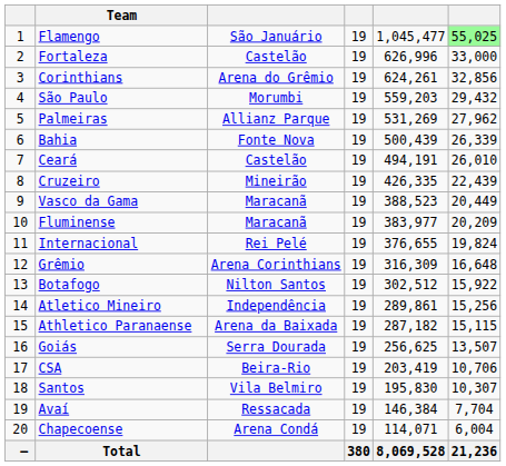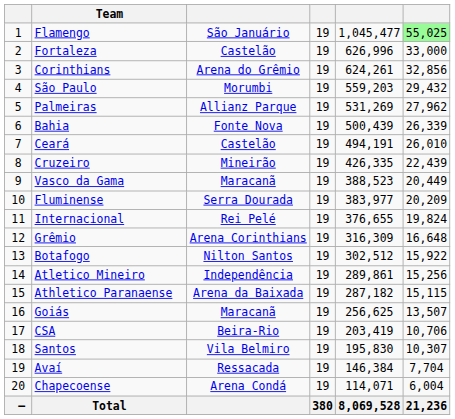 <table class="wikitable sortable">
 <tr>
 <th width=25></th>
 <th width=170>Team</th>
 <th></th>
 <th></th>
 <th width=45></th>
 <th width=45></th>
 </tr>
 <tr>
 <td align=center>1</td>
 <td><a href='#'>Flamengo</a></td>
 <td align="center"><a href='#'>São Januário</a></td>
 <td align="center">19</td>
 <td align="center">1,045,477</td>
 <td align="center" bgcolor="#98fb98">55,025</td>
 </tr>
 <tr>
 <td align="center">2</td>
 <td><a href='#'>Fortaleza</a></td>
 <td align="center"><a href='#'>Castelão</a></td>
 <td align="center">19</td>
 <td align="center">626,996</td>
 <td align="center">33,000</td>
 </tr>
 <tr>
 <td align=center>3</td>
 <td><a href='#'>Corinthians</a></td>
 <td align="center"><a href='#'>Arena do Grêmio</a></td>
 <td align="center">19</td>
 <td align="center">624,261</td>
 <td align="center">32,856</td>
 </tr>
 <tr>
 <td align=center>4</td>
 <td><a href='#'>São Paulo</a></td>
 <td align="center"><a href='#'>Morumbi</a></td>
 <td align="center">19</td>
 <td align="center">559,203</td>
 <td align="center">29,432</td>
 </tr>
 <tr>
 <td align=center>5</td>
 <td><a href='#'>Palmeiras</a></td>
 <td align="center"><a href='#'>Allianz Parque</a></td>
 <td align="center">19</td>
 <td align="center">531,269</td>
 <td align="center">27,962</td>
 </tr>
 <tr>
 <td align="center">6</td>
 <td><a href='#'>Bahia</a></td>
 <td align="center"><a href='#'>Fonte Nova</a></td>
 <td align="center">19</td>
 <td align="center">500,439</td>
 <td align="center">26,339</td>
 </tr>
 <tr>
 <td align="center">7</td>
 <td><a href='#'>Ceará</a></td>
 <td align="center"><a href='#'>Castelão</a></td>
 <td align="center">19</td>
 <td align="center">494,191</td>
 <td align="center">26,010</td>
 </tr>
 <tr>
 <td align="center">8</td>
 <td><a href='#'>Cruzeiro</a></td>
 <td align="center"><a href='#'>Mineirão</a></td>
 <td align="center">19</td>
 <td align="center">426,335</td>
 <td align="center">22,439</td>
 </tr>
 <tr>
 <td align="center">9</td>
 <td><a href='#'>Vasco da Gama</a></td>
 <td align="center"><a href='#'>Maracanã</a></td>
 <td align="center">19</td>
 <td align="center">388,523</td>
 <td align="center">20,449</td>
 </tr>
 <tr>
 <td align=center>10</td>
 <td><a href='#'>Fluminense</a></td>
-<td align="center"><a href='#'>Maracanã</a></td>
+<td align="center"><a href='#'>Serra Dourada</a></td>
 <td align="center">19</td>
 <td align="center">383,977</td>
 <td align="center">20,209</td>
 </tr>
 <tr>
 <td align="center">11</td>
 <td><a href='#'>Internacional</a></td>
 <td align="center"><a href='#'>Rei Pelé</a></td>
 <td align="center">19</td>
 <td align="center">376,655</td>
 <td align="center">19,824</td>
 </tr>
 <tr>
 <td align=center>12</td>
 <td><a href='#'>Grêmio</a></td>
 <td align="center"><a href='#'>Arena Corinthians</a></td>
 <td align="center">19</td>
 <td align="center">316,309</td>
 <td align="center">16,648</td>
 </tr>
 <tr>
 <td align="center">13</td>
 <td><a href='#'>Botafogo</a></td>
 <td align="center"><a href='#'>Nilton Santos</a></td>
 <td align="center">19</td>
 <td align="center">302,512</td>
 <td align="center">15,922</td>
 </tr>
 <tr>
 <td align="center">14</td>
 <td><a href='#'>Atletico Mineiro</a></td>
 <td align="center"><a href='#'>Independência</a></td>
 <td align="center">19</td>
 <td align="center">289,861</td>
 <td align="center">15,256</td>
 </tr>
 <tr>
 <td align="center">15</td>
 <td><a href='#'>Athletico Paranaense</a></td>
 <td align="center"><a href='#'>Arena da Baixada</a></td>
 <td align="center">19</td>
 <td align="center">287,182</td>
 <td align="center">15,115</td>
 </tr>
 <tr>
 <td align="center">16</td>
 <td><a href='#'>Goiás</a></td>
-<td align="center"><a href='#'>Serra Dourada</a></td>
+<td align="center"><a href='#'>Maracanã</a></td>
 <td align="center">19</td>
 <td align="center">256,625</td>
 <td align="center">13,507</td>
 </tr>
 <tr>
 <td align="center">17</td>
 <td><a href='#'>CSA</a></td>
 <td align="center"><a href='#'>Beira-Rio</a></td>
 <td align="center">19</td>
 <td align="center">203,419</td>
 <td align="center">10,706</td>
 </tr>
 <tr>
 <td align="center">18</td>
 <td><a href='#'>Santos</a></td>
 <td align="center"><a href='#'>Vila Belmiro</a></td>
 <td align="center">19</td>
 <td align="center">195,830</td>
 <td align="center">10,307</td>
 </tr>
 <tr>
 <td align="center">19</td>
 <td><a href='#'>Avaí</a></td>
 <td align="center"><a href='#'>Ressacada</a></td>
 <td align="center">19</td>
 <td align="center">146,384</td>
 <td align="center">7,704</td>
 </tr>
 <tr>
 <td align=center>20</td>
 <td><a href='#'>Chapecoense</a></td>
 <td align="center"><a href='#'>Arena Condá</a></td>
 <td align="center">19</td>
 <td align="center">114,071</td>
 <td align="center">6,004</td>
 </tr>
 <tr>
 <th align=center> –</th>
 <th>Total</th>
 <th></th>
 <th align=center>380</th>
 <th align="center">8,069,528</th>
 <th align="center">21,236</th>
 </tr>
 </table>
